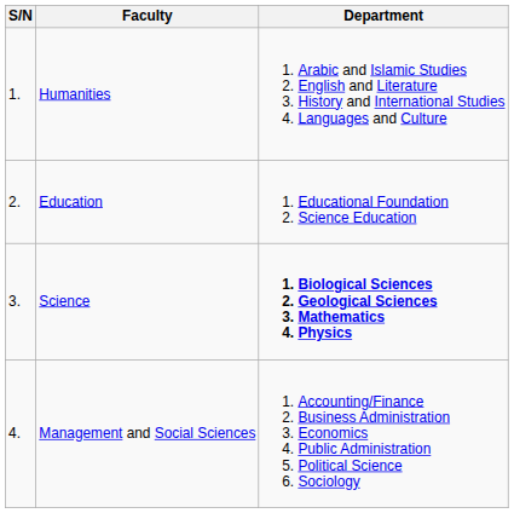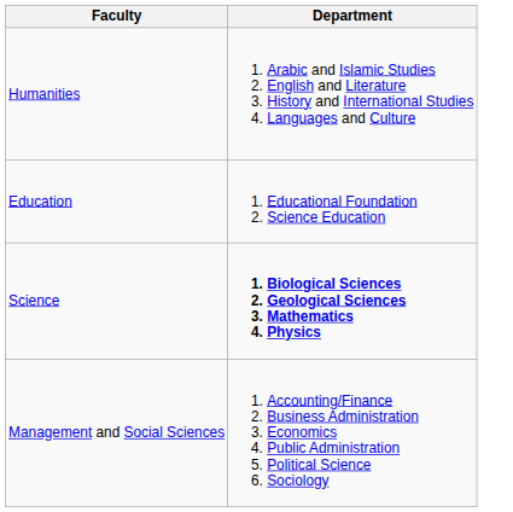 <table class="wikitable">
 <tr>
-<th>S/N</th>
 <th>Faculty</th>
 <th>Department</th>
 </tr>
 <tr>
-<td>1.</td>
 <td><a href='#'>Humanities</a></td>
 <td><br><ol><li><a href='#'>Arabic</a> and <a href='#'>Islamic Studies</a></li><li><a href='#'>English</a> and <a href='#'>Literature</a></li><li><a href='#'>History</a> and <a href='#'>International Studies</a></li><li><a href='#'>Languages</a> and <a href='#'>Culture</a></li></ol><br></td>
 </tr>
 <tr>
-<td>2.</td>
 <td><a href='#'>Education</a></td>
 <td><br><ol><li><a href='#'>Educational Foundation</a></li><li><a href='#'>Science Education</a></li></ol></td>
 </tr>
 <tr>
-<td>3.</td>
 <td><a href='#'>Science</a></td>
 <td><strong><br><ol><li><a href='#'>Biological Sciences</a></li><li><a href='#'>Geological Sciences</a></li><li><a href='#'>Mathematics</a></li><li><a href='#'>Physics</a></li></ol></strong></td>
 </tr>
 <tr>
-<td>4.</td>
 <td><a href='#'>Management</a> and <a href='#'>Social Sciences</a></td>
 <td><br><ol><li><a href='#'>Accounting/Finance</a></li><li><a href='#'>Business Administration</a></li><li><a href='#'>Economics</a></li><li><a href='#'>Public Administration</a></li><li><a href='#'>Political Science</a></li><li><a href='#'>Sociology</a></li></ol></td>
 </tr>
 </table>
